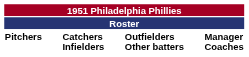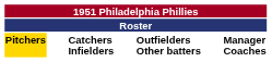 <table class="toccolours" style="font-size: 95%;">
 <tr>
 <th colspan="10" style="background-color: #A50024; color: white; text-align: center;">1951 Philadelphia Phillies</th>
 </tr>
 <tr>
 <td colspan="10" style="background-color: #263473; color: white; text-align: center;"><strong>Roster</strong></td>
 </tr>
 <tr>
-<td valign="top"><strong>Pitchers</strong><br>              </td>
+<td valign="top" style="background: gold;"><strong>Pitchers</strong><br>              </td>
 <td width="25px"></td>
 <td valign="top"><strong>Catchers</strong><br>    <strong>Infielders</strong>        </td>
 <td width="25px"></td>
 <td valign="top"><strong>Outfielders</strong><br>         <strong>Other batters</strong> </td>
 <td width="25px"></td>
 <td valign="top"><strong>Manager</strong><br> <strong>Coaches</strong>    </td>
 </tr>
 <tr>
 </tr>
 </table>
